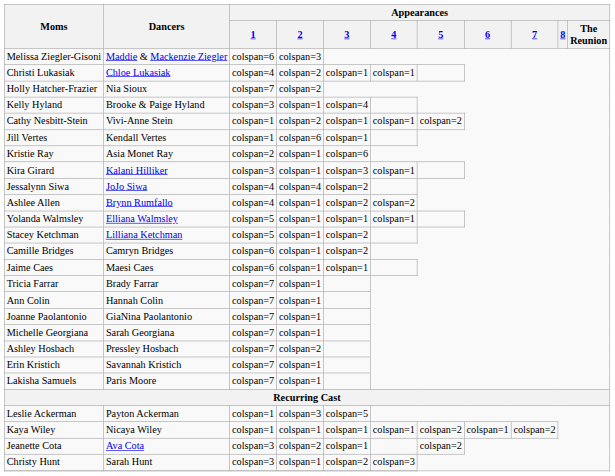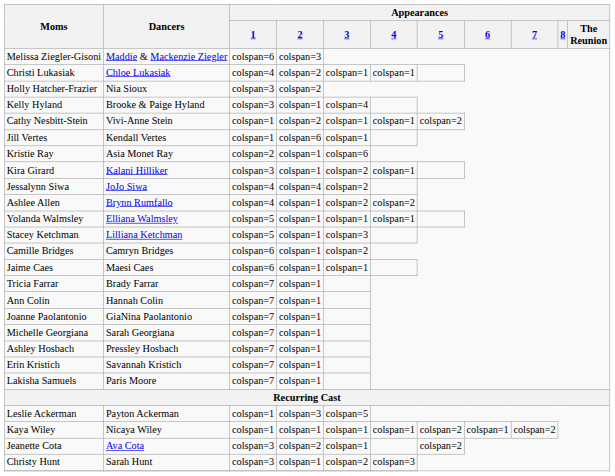 <table class="wikitable">
 <tr>
 <th rowspan=2 style="width:250px;">Moms</th>
 <th rowspan=2 style="width:250px;">Dancers</th>
 <th colspan=11>Appearances</th>
 </tr>
 <tr>
 <th style="width:80px;"><a href='#'>1</a></th>
 <th style="width:80px;"><a href='#'>2</a></th>
 <th style="width:80px;"><a href='#'>3</a></th>
 <th style="width:80px;"><a href='#'>4</a></th>
 <th style="width:80px;"><a href='#'>5</a></th>
 <th style="width:80px;"><a href='#'>6</a></th>
 <th style="width:80px;"><a href='#'>7</a></th>
 <th style="width:80px;"><a href='#'>8</a></th>
 <th style="width:80px;">The Reunion</th>
 </tr>
 <tr>
 <td nowrap>Melissa Ziegler-Gisoni</td>
 <td nowrap><a href='#'>Maddie</a> & <a href='#'>Mackenzie Ziegler</a></td>
 <td>colspan=6 </td>
 <td>colspan=3 </td>
 </tr>
 <tr>
 <td>Christi Lukasiak</td>
 <td><a href='#'>Chloe Lukasiak</a></td>
 <td>colspan=4 </td>
 <td>colspan=2 </td>
 <td>colspan=1 </td>
 <td>colspan=1 </td>
 <td></td>
 </tr>
 <tr>
 <td>Holly Hatcher-Frazier</td>
 <td>Nia Sioux</td>
-<td>colspan=7 </td>
+<td>colspan=3 </td>
 <td>colspan=2 </td>
 </tr>
 <tr>
 <td>Kelly Hyland</td>
 <td>Brooke & Paige Hyland</td>
 <td>colspan=3 </td>
 <td>colspan=1 </td>
 <td>colspan=4 </td>
 <td></td>
 </tr>
 <tr>
 <td>Cathy Nesbitt-Stein</td>
 <td>Vivi-Anne Stein</td>
 <td>colspan=1 </td>
 <td>colspan=2 </td>
 <td>colspan=1 </td>
 <td>colspan=1 </td>
 <td>colspan=2 </td>
 </tr>
 <tr>
 <td>Jill Vertes</td>
 <td>Kendall Vertes</td>
 <td>colspan=1 </td>
 <td>colspan=6 </td>
 <td>colspan=1 </td>
 <td></td>
 </tr>
 <tr>
 <td>Kristie Ray</td>
 <td>Asia Monet Ray</td>
 <td>colspan=2 </td>
 <td>colspan=1 </td>
 <td>colspan=6 </td>
 </tr>
 <tr>
 <td>Kira Girard</td>
 <td><a href='#'>Kalani Hilliker</a></td>
 <td>colspan=3 </td>
 <td>colspan=1 </td>
-<td>colspan=3 </td>
+<td>colspan=2 </td>
 <td>colspan=1 </td>
 <td></td>
 </tr>
 <tr>
 <td>Jessalynn Siwa</td>
 <td><a href='#'>JoJo Siwa</a></td>
 <td>colspan=4 </td>
 <td>colspan=4 </td>
 <td>colspan=2 </td>
 <td></td>
 </tr>
 <tr>
 <td>Ashlee Allen</td>
 <td><a href='#'>Brynn Rumfallo</a></td>
 <td>colspan=4 </td>
 <td>colspan=1 </td>
 <td>colspan=2 </td>
 <td>colspan=2 </td>
 </tr>
 <tr>
 <td>Yolanda Walmsley</td>
 <td><a href='#'>Elliana Walmsley</a></td>
 <td>colspan=5 </td>
 <td>colspan=1 </td>
 <td>colspan=1 </td>
 <td>colspan=1 </td>
 <td></td>
 </tr>
 <tr>
 <td>Stacey Ketchman</td>
 <td><a href='#'>Lilliana Ketchman</a></td>
 <td>colspan=5 </td>
 <td>colspan=1 </td>
-<td>colspan=2 </td>
+<td>colspan=3 </td>
 <td></td>
 </tr>
 <tr>
 <td>Camille Bridges</td>
 <td>Camryn Bridges</td>
 <td>colspan=6 </td>
 <td>colspan=1 </td>
 <td>colspan=2 </td>
 </tr>
 <tr>
 <td>Jaime Caes</td>
 <td>Maesi Caes</td>
 <td>colspan=6 </td>
 <td>colspan=1 </td>
 <td>colspan=1 </td>
 <td></td>
 </tr>
 <tr>
 <td>Tricia Farrar</td>
 <td>Brady Farrar</td>
 <td>colspan=7 </td>
 <td>colspan=1 </td>
 <td></td>
 </tr>
 <tr>
 <td>Ann Colin</td>
 <td>Hannah Colin</td>
 <td>colspan=7 </td>
 <td>colspan=1 </td>
 <td></td>
 </tr>
 <tr>
 <td>Joanne Paolantonio</td>
 <td>GiaNina Paolantonio</td>
 <td>colspan=7 </td>
 <td>colspan=1 </td>
 <td></td>
 </tr>
 <tr>
 <td>Michelle Georgiana</td>
 <td>Sarah Georgiana</td>
 <td>colspan=7 </td>
 <td>colspan=1 </td>
 <td></td>
 </tr>
 <tr>
 <td>Ashley Hosbach</td>
 <td>Pressley Hosbach</td>
 <td>colspan=7 </td>
-<td>colspan=2 </td>
+<td>colspan=1 </td>
 <td></td>
 </tr>
 <tr>
 <td>Erin Kristich</td>
 <td>Savannah Kristich</td>
 <td>colspan=7 </td>
 <td>colspan=1 </td>
 <td></td>
 </tr>
 <tr>
 <td>Lakisha Samuels</td>
 <td>Paris Moore</td>
 <td>colspan=7 </td>
 <td>colspan=1 </td>
 <td></td>
 </tr>
 <tr>
 <th colspan=11>Recurring Cast</th>
 </tr>
 <tr>
 <td>Leslie Ackerman</td>
 <td>Payton Ackerman</td>
 <td>colspan=1 </td>
 <td>colspan=3 </td>
 <td>colspan=5 </td>
 </tr>
 <tr>
 <td>Kaya Wiley</td>
 <td>Nicaya Wiley</td>
 <td>colspan=1 </td>
 <td>colspan=1 </td>
 <td>colspan=1 </td>
 <td>colspan=1 </td>
 <td>colspan=2 </td>
 <td>colspan=1 </td>
 <td>colspan=2 </td>
 </tr>
 <tr>
 <td>Jeanette Cota</td>
 <td><a href='#'>Ava Cota</a></td>
 <td>colspan=3 </td>
 <td>colspan=2 </td>
 <td>colspan=1 </td>
 <td></td>
 <td>colspan=2 </td>
 </tr>
 <tr>
 <td>Christy Hunt</td>
 <td>Sarah Hunt</td>
 <td>colspan=3 </td>
 <td>colspan=1 </td>
 <td>colspan=2 </td>
 <td>colspan=3 </td>
 </tr>
 <tr>
 </tr>
 </table>
